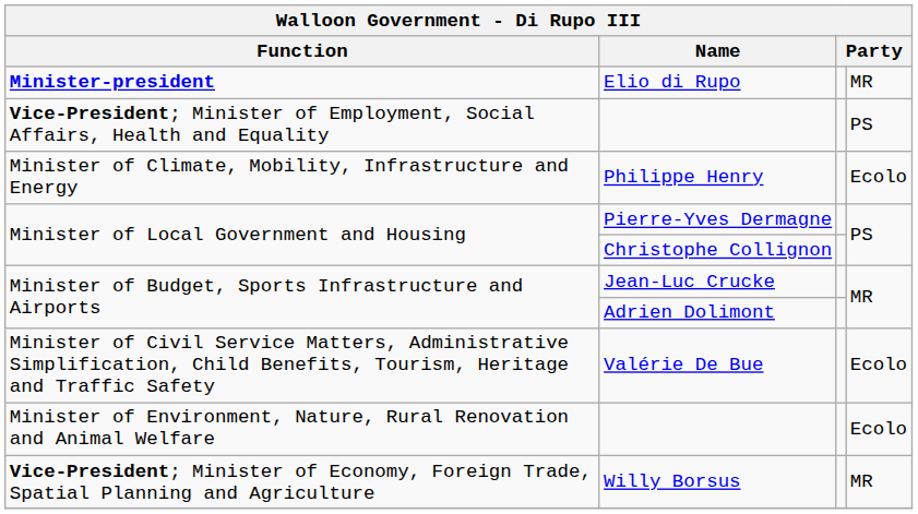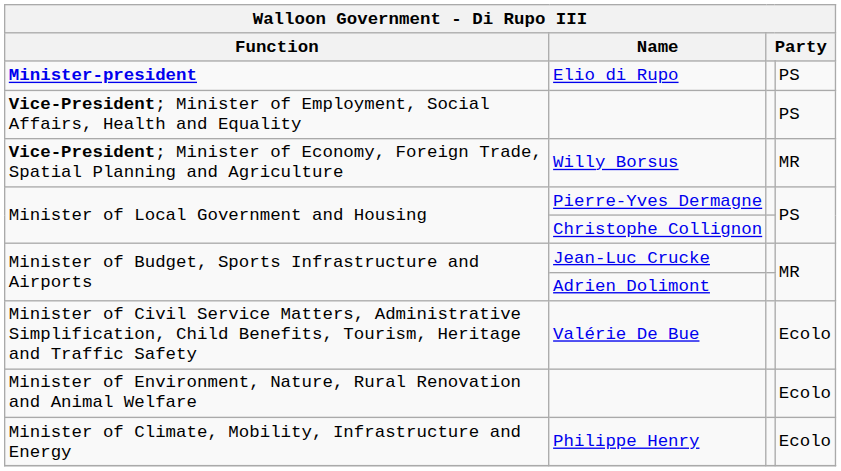 <table class="wikitable">
 <tr>
 <th colspan="4">Walloon Government - Di Rupo III</th>
 </tr>
 <tr>
 <th width="400px">Function</th>
 <th>Name</th>
 <th colspan=2>Party</th>
 </tr>
 <tr>
 <td><strong><a href='#'>Minister-president</a></strong></td>
 <td><a href='#'>Elio di Rupo</a></td>
 <td style="color:inherit;background-color:"></td>
-<td>MR</td>
+<td>PS</td>
 </tr>
 <tr>
 <td><strong>Vice-President</strong>; Minister of Employment, Social Affairs, Health and Equality</td>
 <td></td>
 <td style="color:inherit;background-color:"></td>
 <td>PS</td>
 </tr>
 <tr>
-<td>Minister of Climate, Mobility, Infrastructure and Energy</td>
-<td><a href='#'>Philippe Henry</a></td>
+<td><strong>Vice-President</strong>; Minister of Economy, Foreign Trade, Spatial Planning and Agriculture</td>
+<td><a href='#'>Willy Borsus</a></td>
 <td style="color:inherit;background-color:"></td>
-<td>Ecolo</td>
+<td>MR</td>
 </tr>
 <tr>
 <td rowspan=2>Minister of Local Government and Housing</td>
 <td><a href='#'>Pierre-Yves Dermagne</a> </td>
 <td style="color:inherit;background-color:"></td>
 <td rowspan=2>PS</td>
 </tr>
 <tr>
 <td><a href='#'>Christophe Collignon</a> </td>
 </tr>
 <tr>
 <td rowspan=2>Minister of Budget, Sports Infrastructure and Airports</td>
 <td><a href='#'>Jean-Luc Crucke</a> </td>
 <td style="color:inherit;background-color:"></td>
 <td rowspan=2>MR</td>
 </tr>
 <tr>
 <td><a href='#'>Adrien Dolimont</a> </td>
 </tr>
 <tr>
 <td>Minister of Civil Service Matters, Administrative Simplification, Child Benefits, Tourism, Heritage and Traffic Safety</td>
 <td><a href='#'>Valérie De Bue</a></td>
 <td style="color:inherit;background-color:"></td>
 <td>Ecolo</td>
 </tr>
 <tr>
 <td>Minister of Environment, Nature, Rural Renovation and Animal Welfare</td>
 <td></td>
 <td style="color:inherit;background-color:"></td>
 <td>Ecolo</td>
 </tr>
 <tr>
-<td><strong>Vice-President</strong>; Minister of Economy, Foreign Trade, Spatial Planning and Agriculture</td>
-<td><a href='#'>Willy Borsus</a></td>
+<td>Minister of Climate, Mobility, Infrastructure and Energy</td>
+<td><a href='#'>Philippe Henry</a></td>
 <td style="color:inherit;background-color:"></td>
-<td>MR</td>
+<td>Ecolo</td>
 </tr>
 <tr>
 </tr>
 </table>
